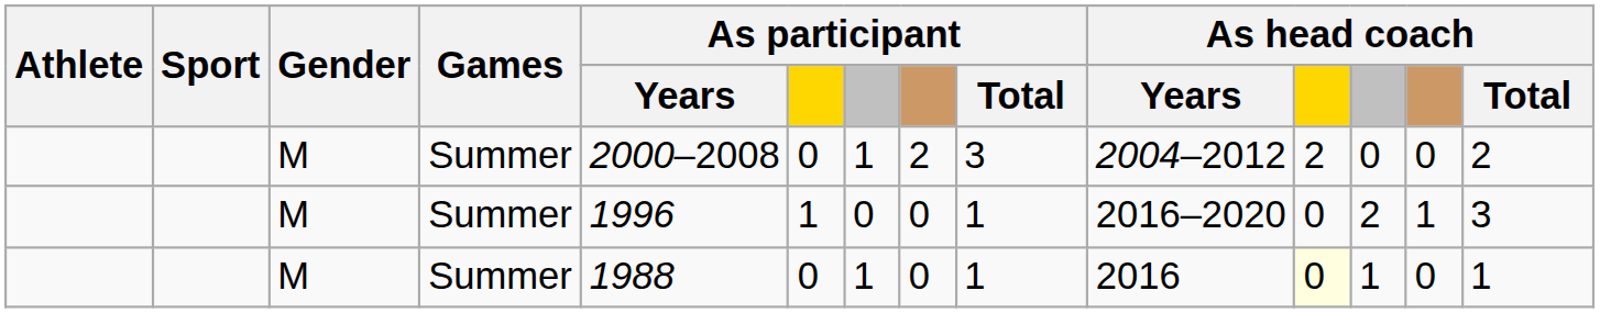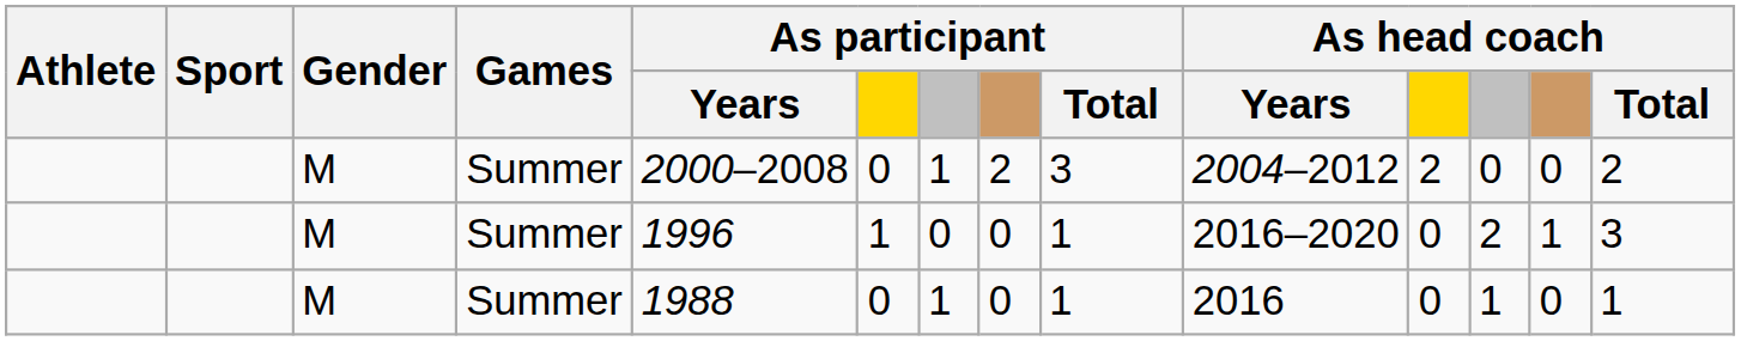 <table class="wikitable sortable">
 <tr>
 <th rowspan=2>Athlete</th>
 <th rowspan=2>Sport</th>
 <th rowspan=2>Gender</th>
 <th rowspan=2>Games</th>
 <th colspan=5>As participant</th>
 <th colspan=5>As head coach</th>
 </tr>
 <tr>
 <th>Years</th>
 <th style="background-color:gold; width:1.0em; font-weight:bold;"></th>
 <th style="background-color:silver; width:1.0em; font-weight:bold;"></th>
 <th style="background-color:#cc9966; width:1.0em; font-weight:bold;"></th>
 <th style="width:3.0em;">Total</th>
 <th>Years</th>
 <th style="background-color:gold; width:1.0em; font-weight:bold;"></th>
 <th style="background-color:silver; width:1.0em; font-weight:bold;"></th>
 <th style="background-color:#cc9966; width:1.0em; font-weight:bold;"></th>
 <th style="width:3.0em;">Total</th>
 </tr>
 <tr>
 <td></td>
 <td></td>
 <td>M</td>
 <td>Summer</td>
 <td><em>2000</em>–2008</td>
 <td>0</td>
 <td>1</td>
 <td>2</td>
 <td>3</td>
 <td><em>2004</em>–2012</td>
 <td>2</td>
 <td>0</td>
 <td>0</td>
 <td>2</td>
 </tr>
 <tr>
 <td></td>
 <td></td>
 <td>M</td>
 <td>Summer</td>
 <td><em>1996</em></td>
 <td>1</td>
 <td>0</td>
 <td>0</td>
 <td>1</td>
 <td>2016–2020</td>
 <td>0</td>
 <td>2</td>
 <td>1</td>
 <td>3</td>
 </tr>
 <tr>
 <td></td>
 <td></td>
 <td>M</td>
 <td>Summer</td>
 <td><em>1988</em></td>
 <td>0</td>
 <td>1</td>
 <td>0</td>
 <td>1</td>
 <td>2016</td>
-<td style="background: lightyellow;">0</td>
+<td>0</td>
 <td>1</td>
 <td>0</td>
 <td>1</td>
 </tr>
 </table>
